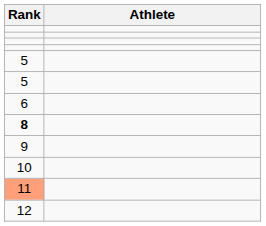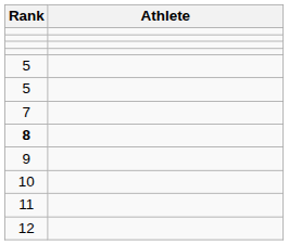 <table class="wikitable" style="text-align: center;">
 <tr>
 <th width=40>Rank</th>
 <th width=250>Athlete</th>
 </tr>
 <tr>
 <td></td>
 <td align=left></td>
 </tr>
 <tr>
 <td></td>
 <td align=left></td>
 </tr>
 <tr>
 <td></td>
 <td align=left></td>
 </tr>
 <tr>
 <td></td>
 <td align=left></td>
 </tr>
 <tr>
 <td>5</td>
 <td align=left></td>
 </tr>
 <tr>
 <td>5</td>
 <td align=left></td>
 </tr>
 <tr>
-<td>6</td>
+<td>7</td>
 <td align=left></td>
 </tr>
 <tr>
 <td><strong>8</strong></td>
 <td align=left></td>
 </tr>
 <tr>
 <td>9</td>
 <td align=left></td>
 </tr>
 <tr>
 <td>10</td>
 <td align=left></td>
 </tr>
 <tr>
-<td style="background: lightsalmon;">11</td>
+<td>11</td>
 <td align=left></td>
 </tr>
 <tr>
 <td>12</td>
 <td align=left></td>
 </tr>
 </table>
